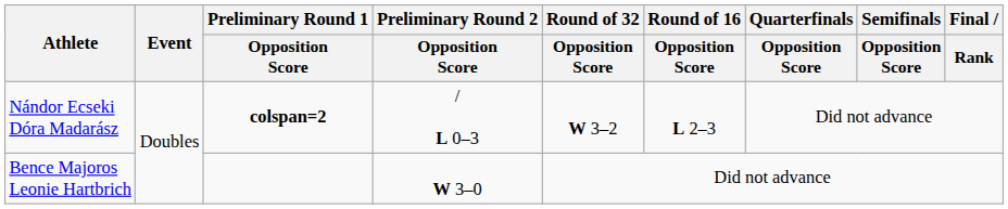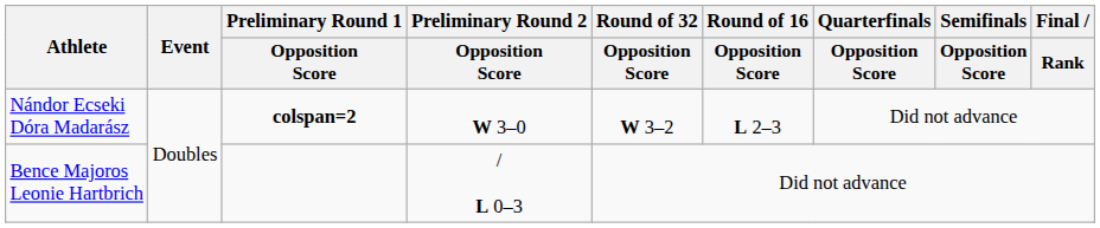 <table class=wikitable style=font-size:90%;text-align:center>
 <tr>
 <th rowspan=2>Athlete</th>
 <th rowspan=2>Event</th>
 <th>Preliminary Round 1</th>
 <th>Preliminary Round 2</th>
 <th>Round of 32</th>
 <th>Round of 16</th>
 <th>Quarterfinals</th>
 <th>Semifinals</th>
 <th colspan=2>Final / </th>
 </tr>
 <tr style=font-size:95%>
 <th>Opposition<br>Score</th>
 <th>Opposition<br>Score</th>
 <th>Opposition<br>Score</th>
 <th>Opposition<br>Score</th>
 <th>Opposition<br>Score</th>
 <th>Opposition<br>Score</th>
 <th>Rank</th>
 </tr>
 <tr align=center>
 <td align=left><a href='#'>Nándor Ecseki</a><br><a href='#'>Dóra Madarász</a></td>
 <td align=left rowspan=2>Doubles</td>
 <td><strong>colspan=2</strong></td>
-<td> /<br><br><strong>L</strong> 0–3</td>
+<td><br><strong>W</strong> 3–0</td>
 <td><br><strong>W</strong> 3–2</td>
 <td><br><strong>L</strong> 2–3</td>
 <td colspan=3>Did not advance</td>
 </tr>
 <tr align=center>
 <td align=left><a href='#'>Bence Majoros</a><br><a href='#'>Leonie Hartbrich</a></td>
 <td></td>
-<td><br><strong>W</strong> 3–0</td>
+<td> /<br><br><strong>L</strong> 0–3</td>
 <td colspan=5>Did not advance</td>
 </tr>
 </table>
